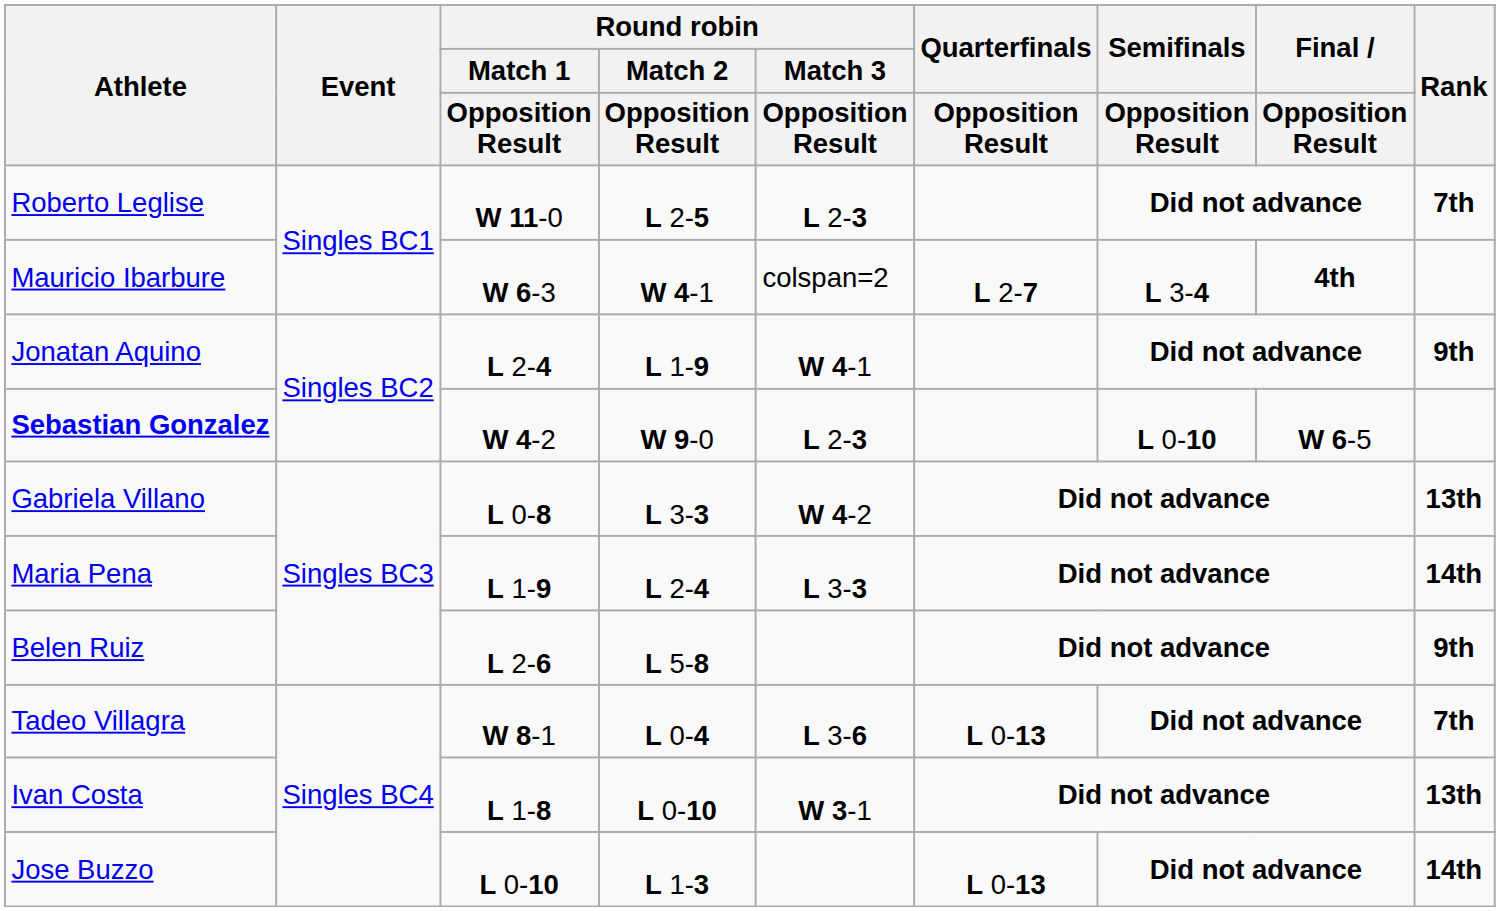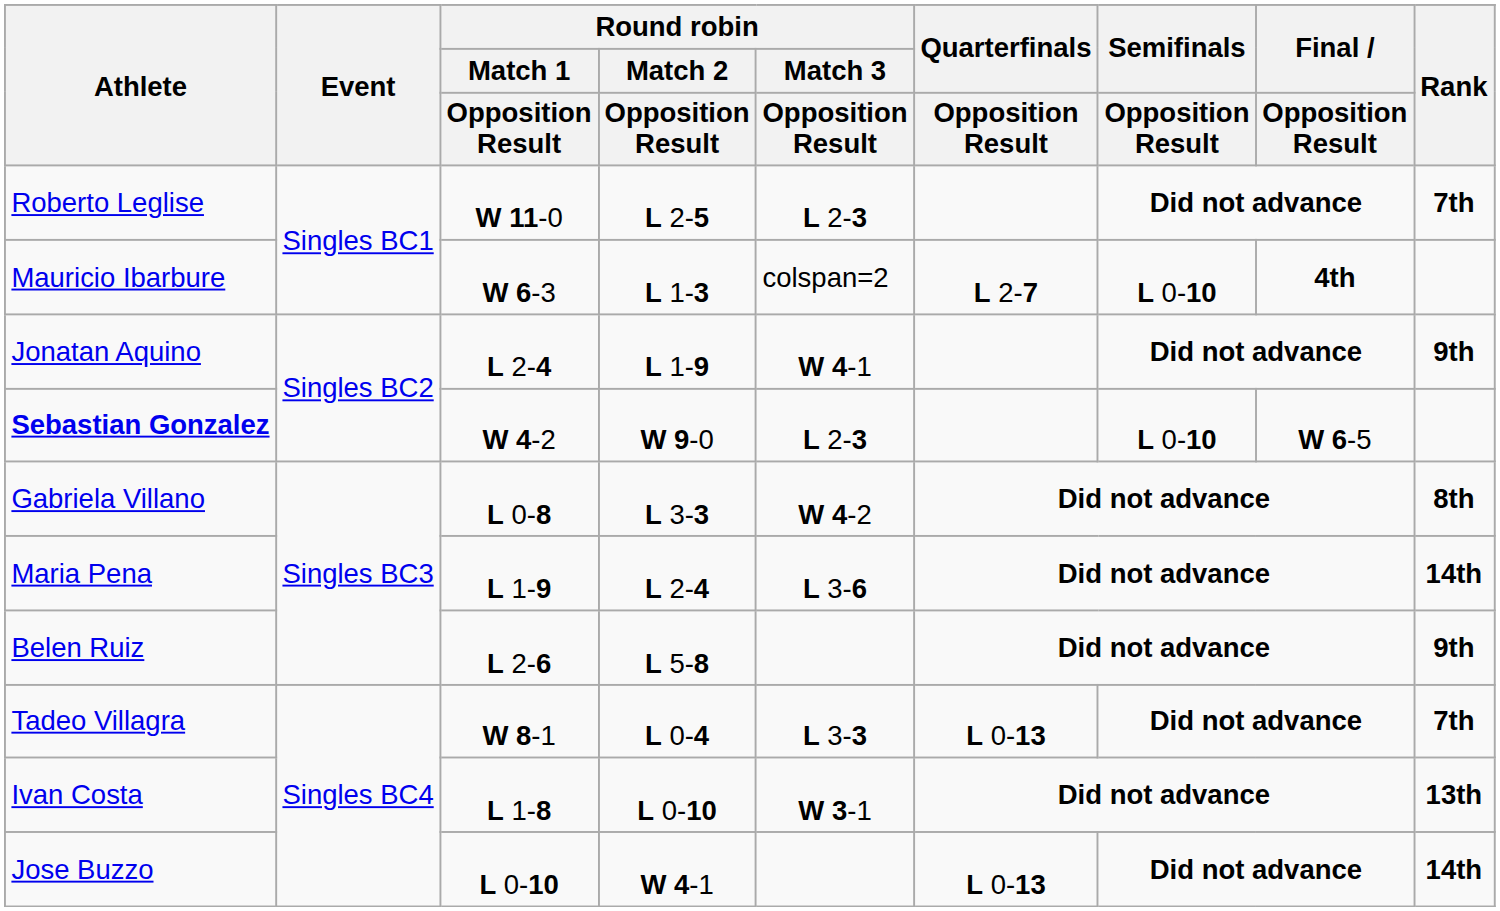 <table class="wikitable" border="1" style="font-size:90%">
 <tr>
 <th rowspan=3>Athlete</th>
 <th rowspan=3>Event</th>
 <th colspan=3>Round robin</th>
 <th rowspan=2>Quarterfinals</th>
 <th rowspan=2>Semifinals</th>
 <th rowspan=2>Final / </th>
 <th rowspan=3>Rank</th>
 </tr>
 <tr>
 <th>Match 1</th>
 <th>Match 2</th>
 <th>Match 3</th>
 </tr>
 <tr>
 <th>Opposition<br>Result</th>
 <th>Opposition<br>Result</th>
 <th>Opposition<br>Result</th>
 <th>Opposition<br>Result</th>
 <th>Opposition<br>Result</th>
 <th>Opposition<br>Result</th>
 </tr>
 <tr>
 <td><a href='#'>Roberto Leglise</a></td>
 <td rowspan=2><a href='#'>Singles BC1</a></td>
 <td align=center><br><strong>W</strong> <strong>11</strong>-0</td>
 <td align=center><br><strong>L</strong> 2-<strong>5</strong></td>
 <td align=center><br><strong>L</strong> 2-<strong>3</strong></td>
 <td></td>
 <td align=center colspan=2><strong>Did not advance</strong></td>
 <td align=center><strong>7th</strong></td>
 </tr>
 <tr>
 <td><a href='#'>Mauricio Ibarbure</a></td>
 <td align=center><br><strong>W</strong> <strong>6</strong>-3</td>
-<td align=center><br><strong>W</strong> <strong>4</strong>-1</td>
+<td align=center><br><strong>L</strong> 1-<strong>3</strong></td>
 <td>colspan=2 </td>
 <td align=center><br><strong>L</strong> 2-<strong>7</strong></td>
-<td align=center><br><strong>L</strong> 3-<strong>4</strong></td>
+<td align=center><br><strong>L</strong> 0-<strong>10</strong></td>
 <td align=center><strong>4th</strong></td>
 </tr>
 <tr>
 <td><a href='#'>Jonatan Aquino</a></td>
 <td rowspan=2><a href='#'>Singles BC2</a></td>
 <td align=center><br><strong>L</strong> 2-<strong>4</strong></td>
 <td align=center><br><strong>L</strong> 1-<strong>9</strong></td>
 <td align=center><br><strong>W</strong> <strong>4</strong>-1</td>
 <td></td>
 <td align=center colspan=2><strong>Did not advance</strong></td>
 <td align=center><strong>9th</strong></td>
 </tr>
 <tr>
 <td><strong><a href='#'>Sebastian Gonzalez</a></strong></td>
 <td align=center><br><strong>W</strong> <strong>4</strong>-2</td>
 <td align=center><br><strong>W</strong> <strong>9</strong>-0</td>
 <td align=center><br><strong>L</strong> 2-<strong>3</strong></td>
 <td></td>
 <td align=center><br><strong>L</strong> 0-<strong>10</strong></td>
 <td align=center><br><strong>W</strong> <strong>6</strong>-5</td>
 <td align=center></td>
 </tr>
 <tr>
 <td><a href='#'>Gabriela Villano</a></td>
 <td rowspan=3><a href='#'>Singles BC3</a></td>
 <td align=center><br><strong>L</strong> 0-<strong>8</strong></td>
 <td align=center><br><strong>L</strong> 3-<strong>3</strong></td>
 <td align=center><br><strong>W</strong> <strong>4</strong>-2</td>
 <td align=center colspan=3><strong>Did not advance</strong></td>
-<td align=center><strong>13th</strong></td>
+<td align=center><strong>8th</strong></td>
 </tr>
 <tr>
 <td><a href='#'>Maria Pena</a></td>
 <td align=center><br><strong>L</strong> 1-<strong>9</strong></td>
 <td align=center><br><strong>L</strong> 2-<strong>4</strong></td>
-<td align=center><br><strong>L</strong> 3-<strong>3</strong></td>
+<td align=center><br><strong>L</strong> 3-<strong>6</strong></td>
 <td align=center colspan=3><strong>Did not advance</strong></td>
 <td align=center><strong>14th</strong></td>
 </tr>
 <tr>
 <td><a href='#'>Belen Ruiz</a></td>
 <td align=center><br><strong>L</strong> 2-<strong>6</strong></td>
 <td align=center><br><strong>L</strong> 5-<strong>8</strong></td>
 <td></td>
 <td align=center colspan=3><strong>Did not advance</strong></td>
 <td align=center><strong>9th</strong></td>
 </tr>
 <tr>
 <td><a href='#'>Tadeo Villagra</a></td>
 <td rowspan=3><a href='#'>Singles BC4</a></td>
 <td align=center><br><strong>W</strong> <strong>8</strong>-1</td>
 <td align=center><br><strong>L</strong> 0-<strong>4</strong></td>
-<td align=center><br><strong>L</strong> 3-<strong>6</strong></td>
+<td align=center><br><strong>L</strong> 3-<strong>3</strong></td>
 <td align=center><br><strong>L</strong> 0-<strong>13</strong></td>
 <td align=center colspan=2><strong>Did not advance</strong></td>
 <td align=center><strong>7th</strong></td>
 </tr>
 <tr>
 <td><a href='#'>Ivan Costa</a></td>
 <td align=center><br><strong>L</strong> 1-<strong>8</strong></td>
 <td align=center><br><strong>L</strong> 0-<strong>10</strong></td>
 <td align=center><br><strong>W</strong> <strong>3</strong>-1</td>
 <td align=center colspan=3><strong>Did not advance</strong></td>
 <td align=center><strong>13th</strong></td>
 </tr>
 <tr>
 <td><a href='#'>Jose Buzzo</a></td>
 <td align=center><br><strong>L</strong> 0-<strong>10</strong></td>
-<td align=center><br><strong>L</strong> 1-<strong>3</strong></td>
+<td align=center><br><strong>W</strong> <strong>4</strong>-1</td>
 <td></td>
 <td align=center><br><strong>L</strong> 0-<strong>13</strong></td>
 <td align=center colspan=2><strong>Did not advance</strong></td>
 <td align=center><strong>14th</strong></td>
 </tr>
 </table>
